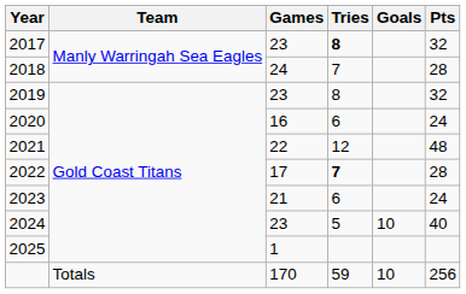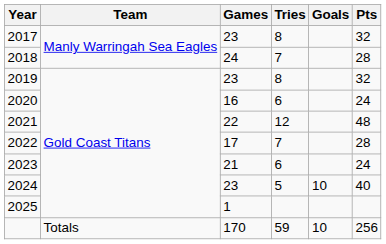 <table class="wikitable">
 <tr>
 <th>Year</th>
 <th>Team</th>
 <th>Games</th>
 <th>Tries</th>
 <th>Goals</th>
 <th>Pts</th>
 </tr>
 <tr>
 <td>2017</td>
 <td rowspan="2"> <a href='#'>Manly Warringah Sea Eagles</a></td>
 <td>23</td>
-<td><strong>8</strong></td>
+<td>8</td>
 <td></td>
 <td>32</td>
 </tr>
 <tr>
 <td>2018</td>
 <td>24</td>
 <td>7</td>
 <td></td>
 <td>28</td>
 </tr>
 <tr>
 <td>2019</td>
 <td rowspan="7"> <a href='#'>Gold Coast Titans</a></td>
 <td>23</td>
 <td>8</td>
 <td></td>
 <td>32</td>
 </tr>
 <tr>
 <td>2020</td>
 <td>16</td>
 <td>6</td>
 <td></td>
 <td>24</td>
 </tr>
 <tr>
 <td>2021</td>
 <td>22</td>
 <td>12</td>
 <td></td>
 <td>48</td>
 </tr>
 <tr>
 <td>2022</td>
 <td>17</td>
-<td><strong>7</strong></td>
+<td>7</td>
 <td></td>
 <td>28</td>
 </tr>
 <tr>
 <td>2023</td>
 <td>21</td>
 <td>6</td>
 <td></td>
 <td>24</td>
 </tr>
 <tr>
 <td>2024</td>
 <td>23</td>
 <td>5</td>
 <td>10</td>
 <td>40</td>
 </tr>
 <tr>
 <td>2025</td>
 <td>1</td>
 <td></td>
 <td></td>
 <td></td>
 </tr>
 <tr>
 <td></td>
 <td>Totals</td>
 <td>170</td>
 <td>59</td>
 <td>10</td>
 <td>256</td>
 </tr>
 </table>
